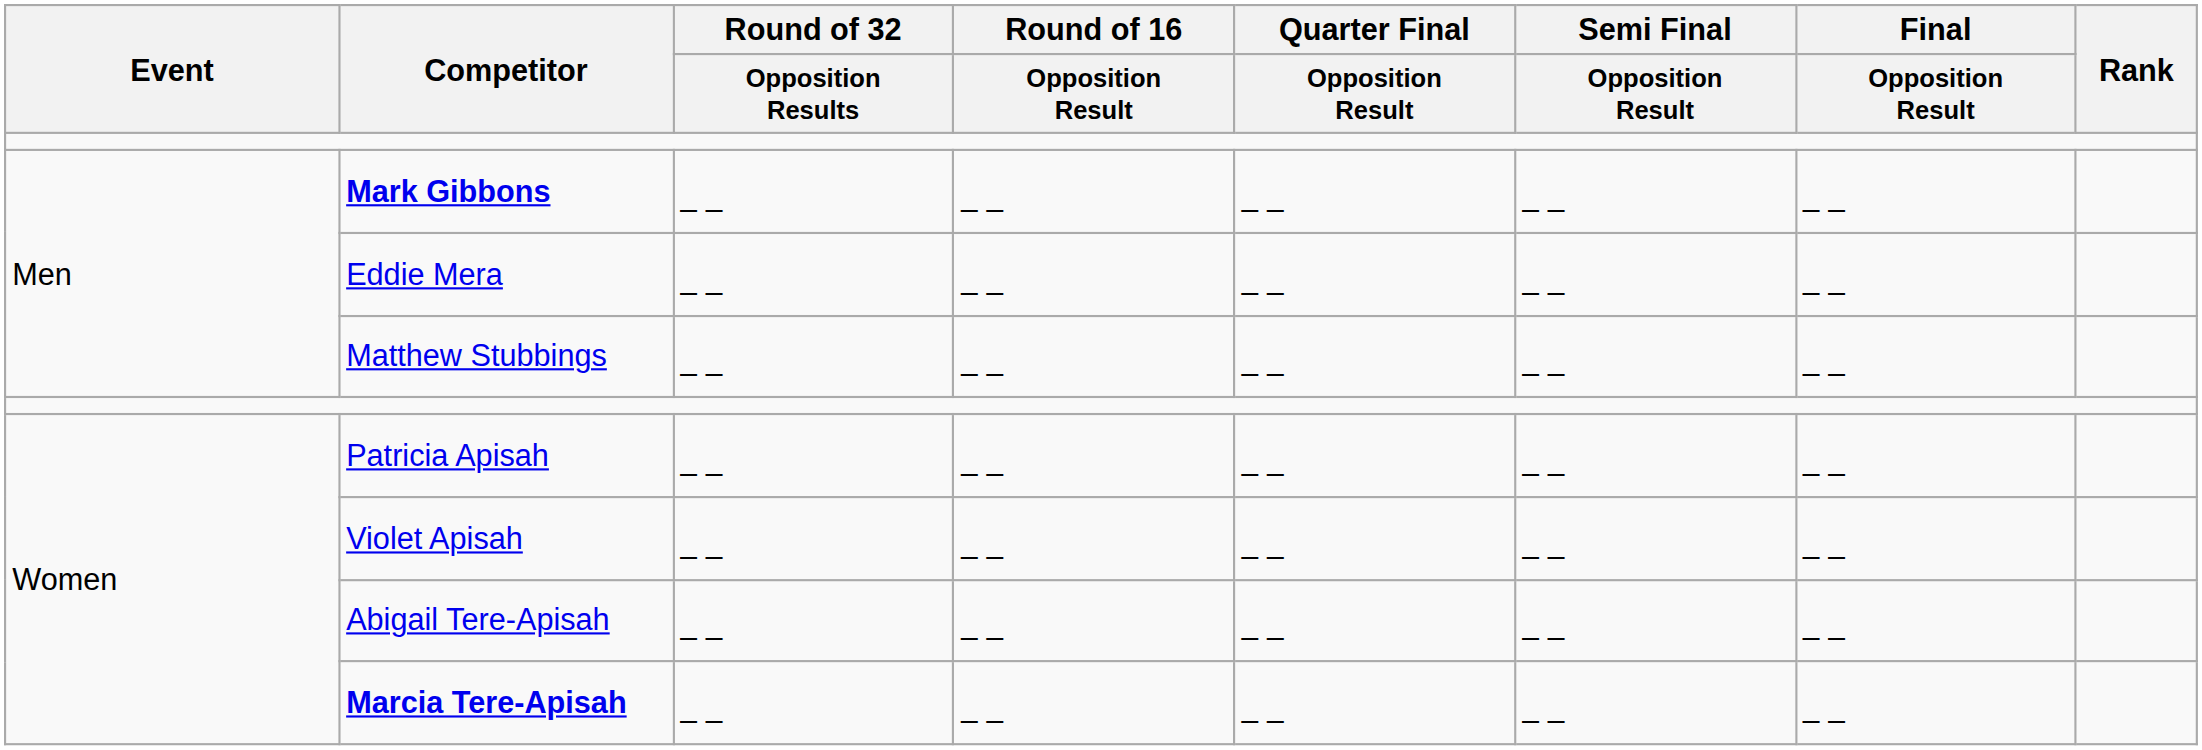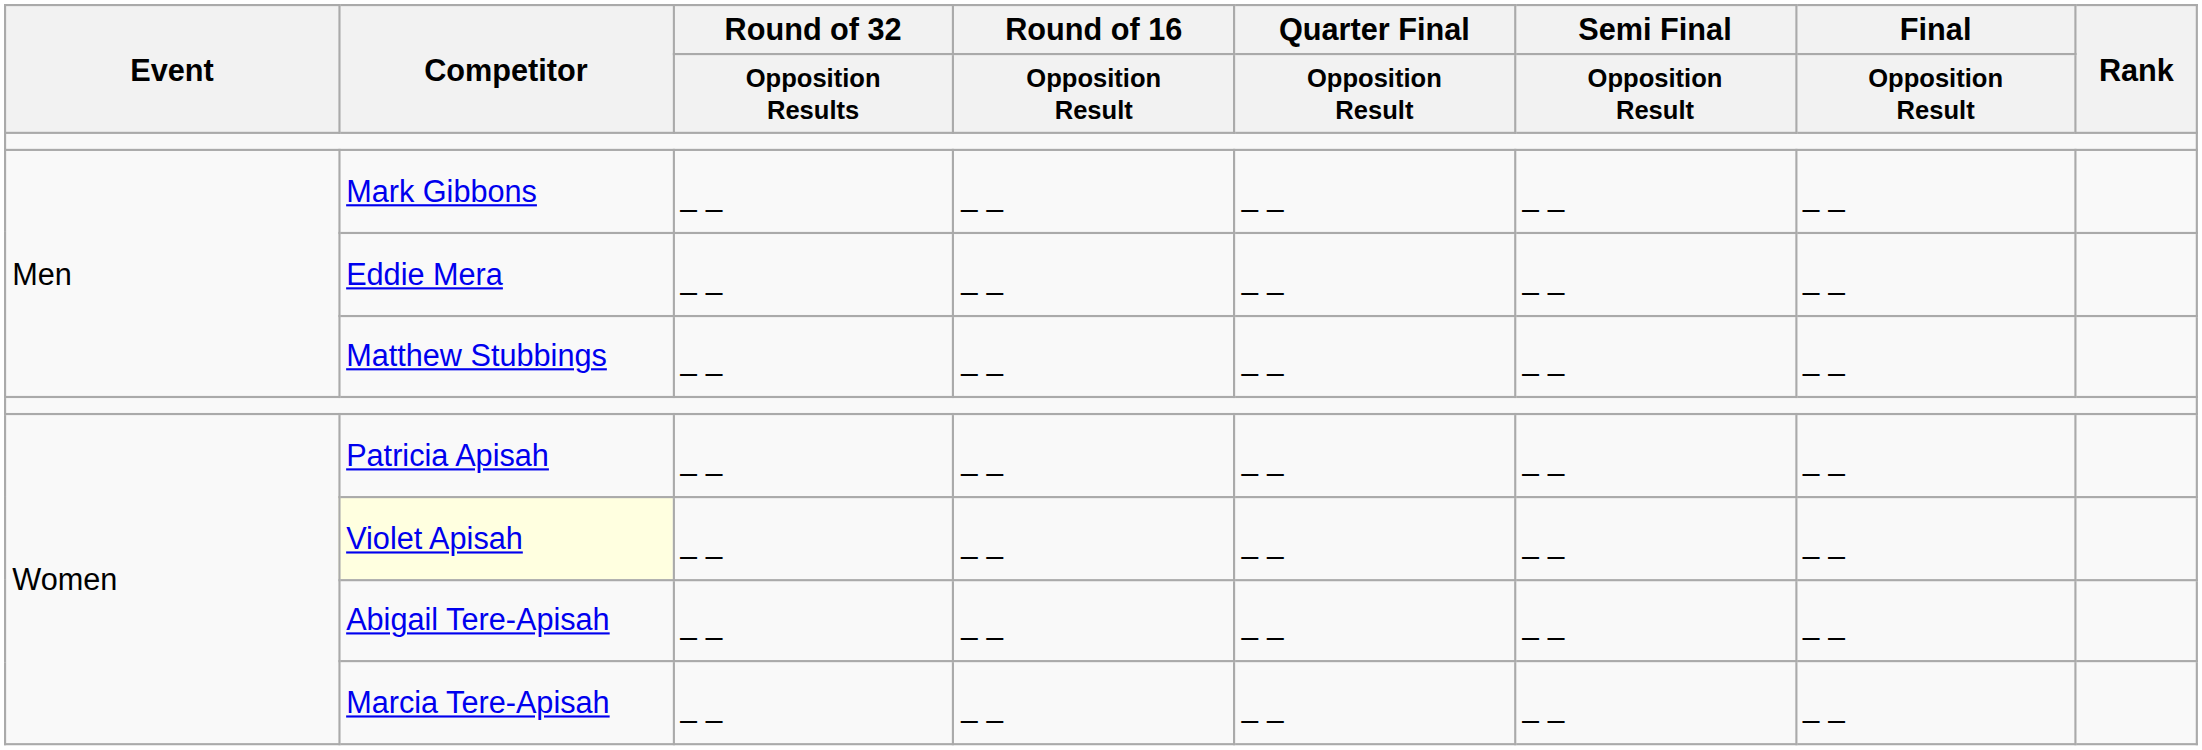 <table class=wikitable style="font-size:90%">
 <tr>
 <th rowspan="2" width=150>Event</th>
 <th rowspan="2" width=150>Competitor</th>
 <th width=125>Round of 32</th>
 <th width=125>Round of 16</th>
 <th width=125>Quarter Final</th>
 <th width=125>Semi Final</th>
 <th width=125>Final</th>
 <th rowspan="2" width=50>Rank</th>
 </tr>
 <tr>
 <th style="line-height:1em"><small>Opposition<br>Results</small></th>
 <th style="line-height:1em"><small>Opposition<br>Result</small></th>
 <th style="line-height:1em"><small>Opposition<br>Result</small></th>
 <th style="line-height:1em"><small>Opposition<br>Result</small></th>
 <th style="line-height:1em"><small>Opposition<br>Result</small></th>
 </tr>
 <tr>
 <td colspan=8 height=1></td>
 </tr>
 <tr>
 <td rowspan=3>Men</td>
-<td><strong><a href='#'>Mark Gibbons</a></strong></td>
+<td><a href='#'>Mark Gibbons</a></td>
 <td align=><br> – –</td>
 <td align=><br> – –</td>
 <td align=><br> – –</td>
 <td align=><br> – –</td>
 <td align=><br> – –</td>
 <td></td>
 </tr>
 <tr>
 <td><a href='#'>Eddie Mera</a></td>
 <td align=><br> – –</td>
 <td align=><br> – –</td>
 <td align=><br> – –</td>
 <td align=><br> – –</td>
 <td align=><br> – –</td>
 <td></td>
 </tr>
 <tr>
 <td><a href='#'>Matthew Stubbings</a></td>
 <td align=><br> – –</td>
 <td align=><br> – –</td>
 <td align=><br> – –</td>
 <td align=><br> – –</td>
 <td align=><br> – –</td>
 <td></td>
 </tr>
 <tr>
 <td colspan=8 height=1></td>
 </tr>
 <tr>
 <td rowspan=4>Women</td>
 <td><a href='#'>Patricia Apisah</a></td>
 <td align=><br> – –</td>
 <td align=><br> – –</td>
 <td align=><br> – –</td>
 <td align=><br> – –</td>
 <td align=><br> – –</td>
 <td></td>
 </tr>
 <tr>
-<td><a href='#'>Violet Apisah</a></td>
+<td style="background: lightyellow;"><a href='#'>Violet Apisah</a></td>
 <td align=><br> – –</td>
 <td align=><br> – –</td>
 <td align=><br> – –</td>
 <td align=><br> – –</td>
 <td align=><br> – –</td>
 <td></td>
 </tr>
 <tr>
 <td><a href='#'>Abigail Tere-Apisah</a></td>
 <td align=><br> – –</td>
 <td align=><br> – –</td>
 <td align=><br> – –</td>
 <td align=><br> – –</td>
 <td align=><br> – –</td>
 <td></td>
 </tr>
 <tr>
-<td><strong><a href='#'>Marcia Tere-Apisah</a></strong></td>
+<td><a href='#'>Marcia Tere-Apisah</a></td>
 <td align=><br> – –</td>
 <td align=><br> – –</td>
 <td align=><br> – –</td>
 <td align=><br> – –</td>
 <td align=><br> – –</td>
 <td></td>
 </tr>
 </table>
